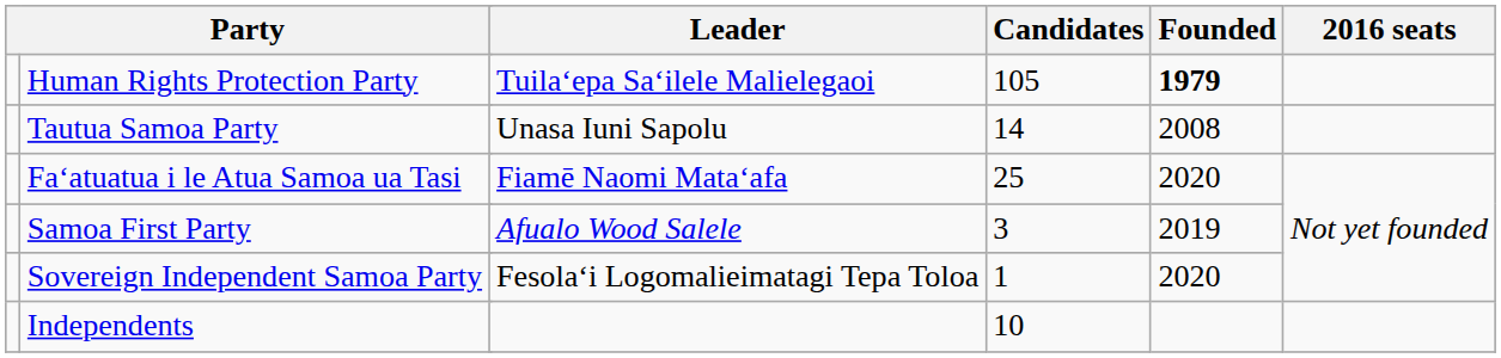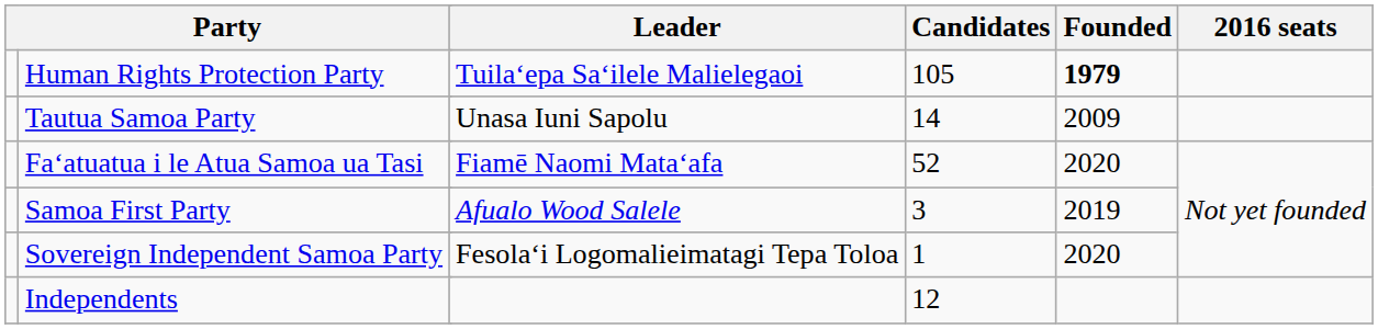 <table class=wikitable>
 <tr>
 <th colspan=3>Party</th>
 <th>Leader</th>
 <th>Candidates</th>
 <th>Founded</th>
 <th>2016 seats</th>
 </tr>
 <tr>
 <td style="background:"></td>
 <td colspan="2"><a href='#'>Human Rights Protection Party</a></td>
 <td><a href='#'>Tuilaʻepa Saʻilele Malielegaoi</a></td>
 <td>105</td>
 <td><strong>1979</strong></td>
 <td></td>
 </tr>
 <tr>
 <td style="background:"></td>
 <td colspan="2"><a href='#'>Tautua Samoa Party</a></td>
 <td>Unasa Iuni Sapolu</td>
 <td>14</td>
-<td>2008</td>
+<td>2009</td>
 <td></td>
 </tr>
 <tr>
 <td style="background:"></td>
 <td colspan="2"><a href='#'>Faʻatuatua i le Atua Samoa ua Tasi</a></td>
 <td><a href='#'>Fiamē Naomi Mataʻafa</a></td>
-<td>25</td>
+<td>52</td>
 <td>2020</td>
 <td rowspan=3><em>Not yet founded</em></td>
 </tr>
 <tr>
 <td style="background:"></td>
 <td colspan="2"><a href='#'>Samoa First Party</a></td>
 <td><em><a href='#'>Afualo Wood Salele</a></em></td>
 <td>3</td>
 <td>2019</td>
 </tr>
 <tr>
 <td style="background:"></td>
 <td colspan="2"><a href='#'>Sovereign Independent Samoa Party</a></td>
 <td>Fesolaʻi Logomalieimatagi Tepa Toloa</td>
 <td>1</td>
 <td>2020</td>
 </tr>
 <tr>
 <td style="background:"></td>
 <td colspan="2"><a href='#'>Independents</a></td>
 <td></td>
-<td>10</td>
+<td>12</td>
 <td></td>
 <td></td>
 </tr>
 </table>
